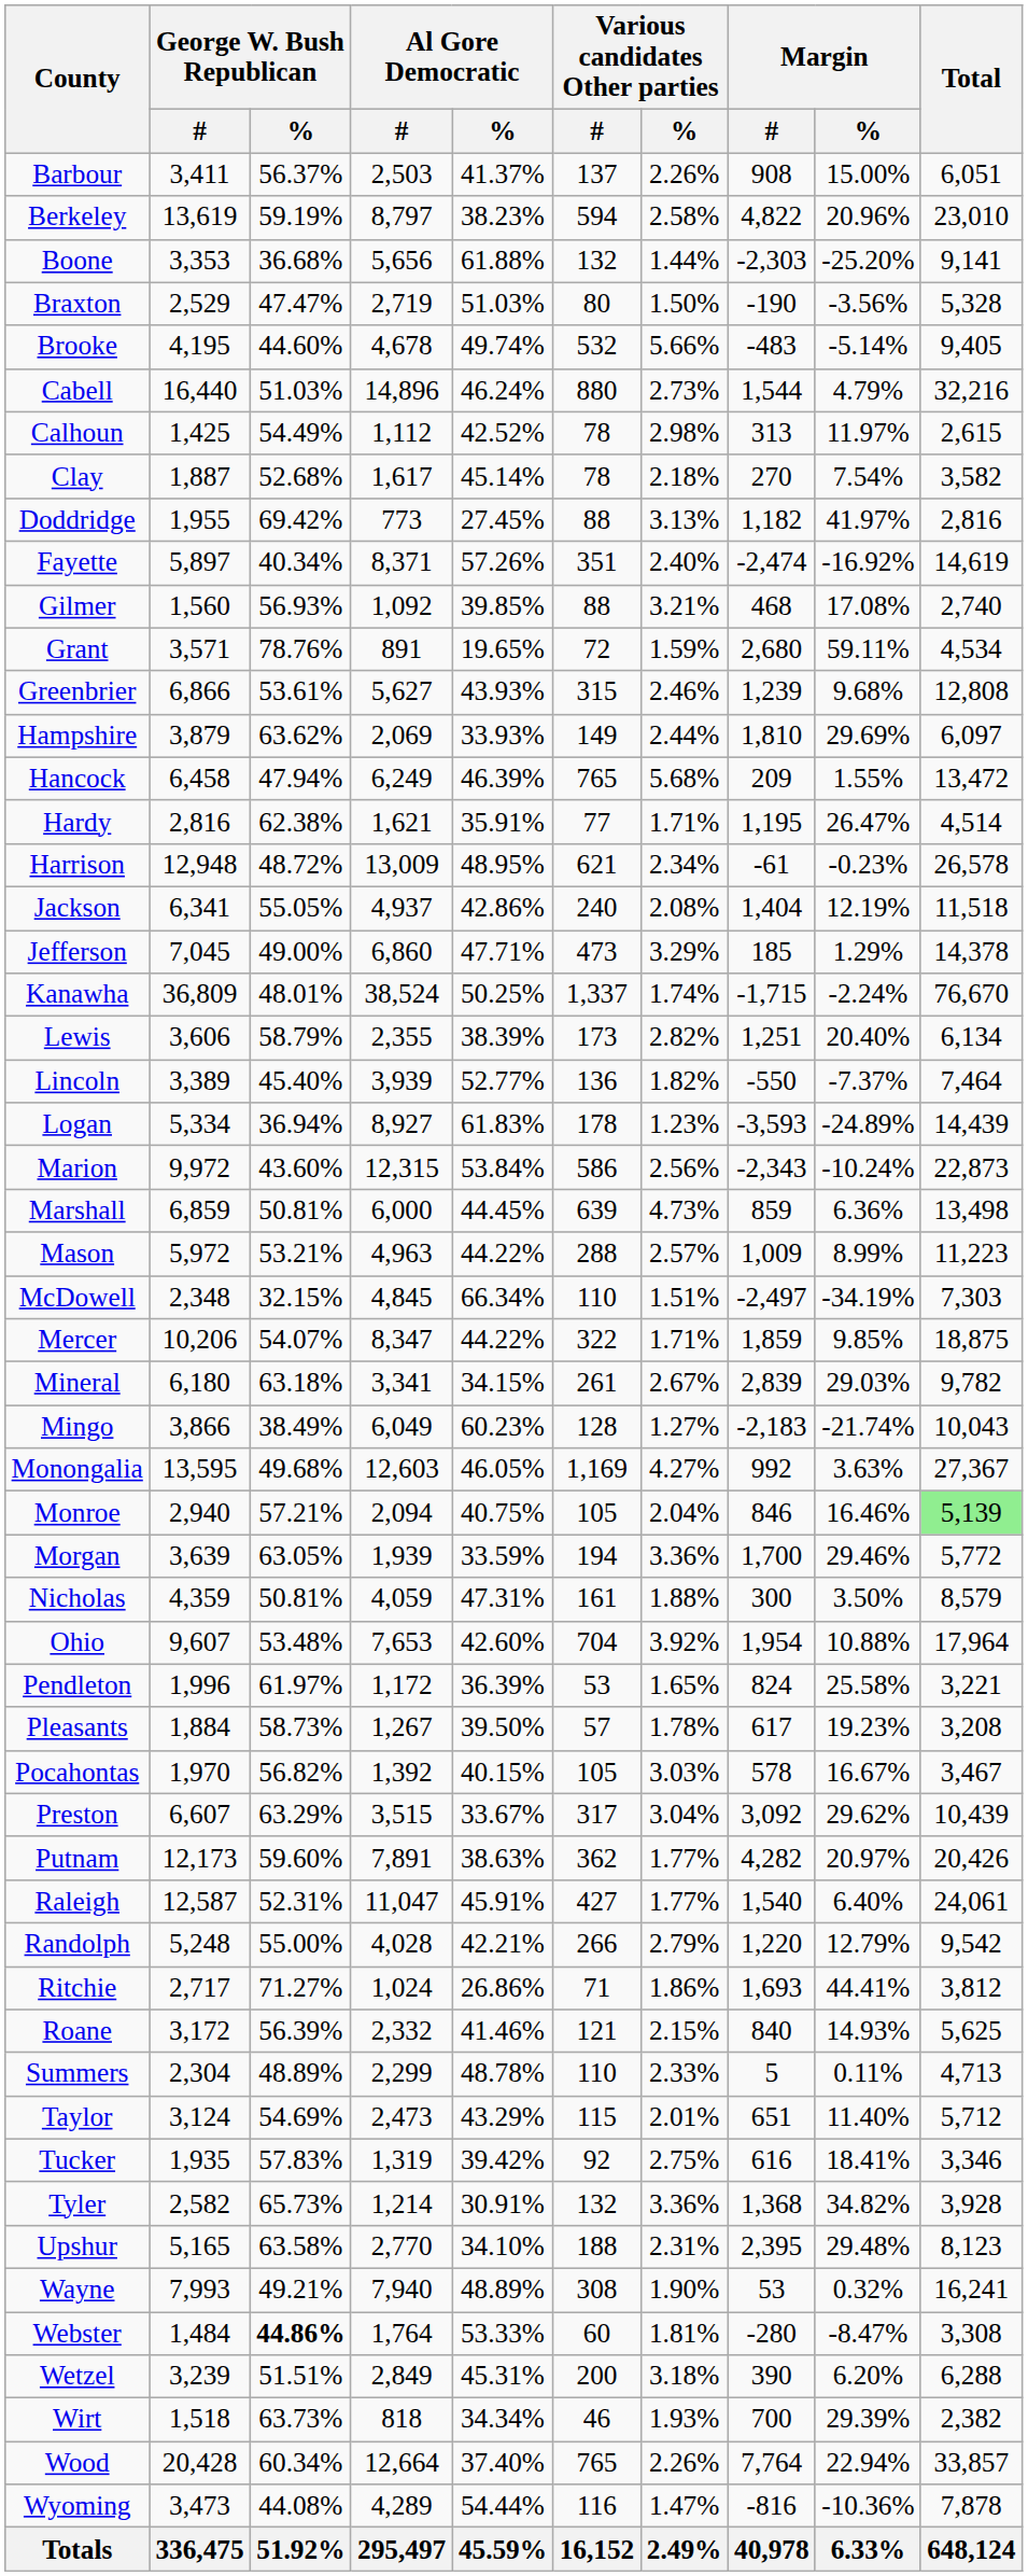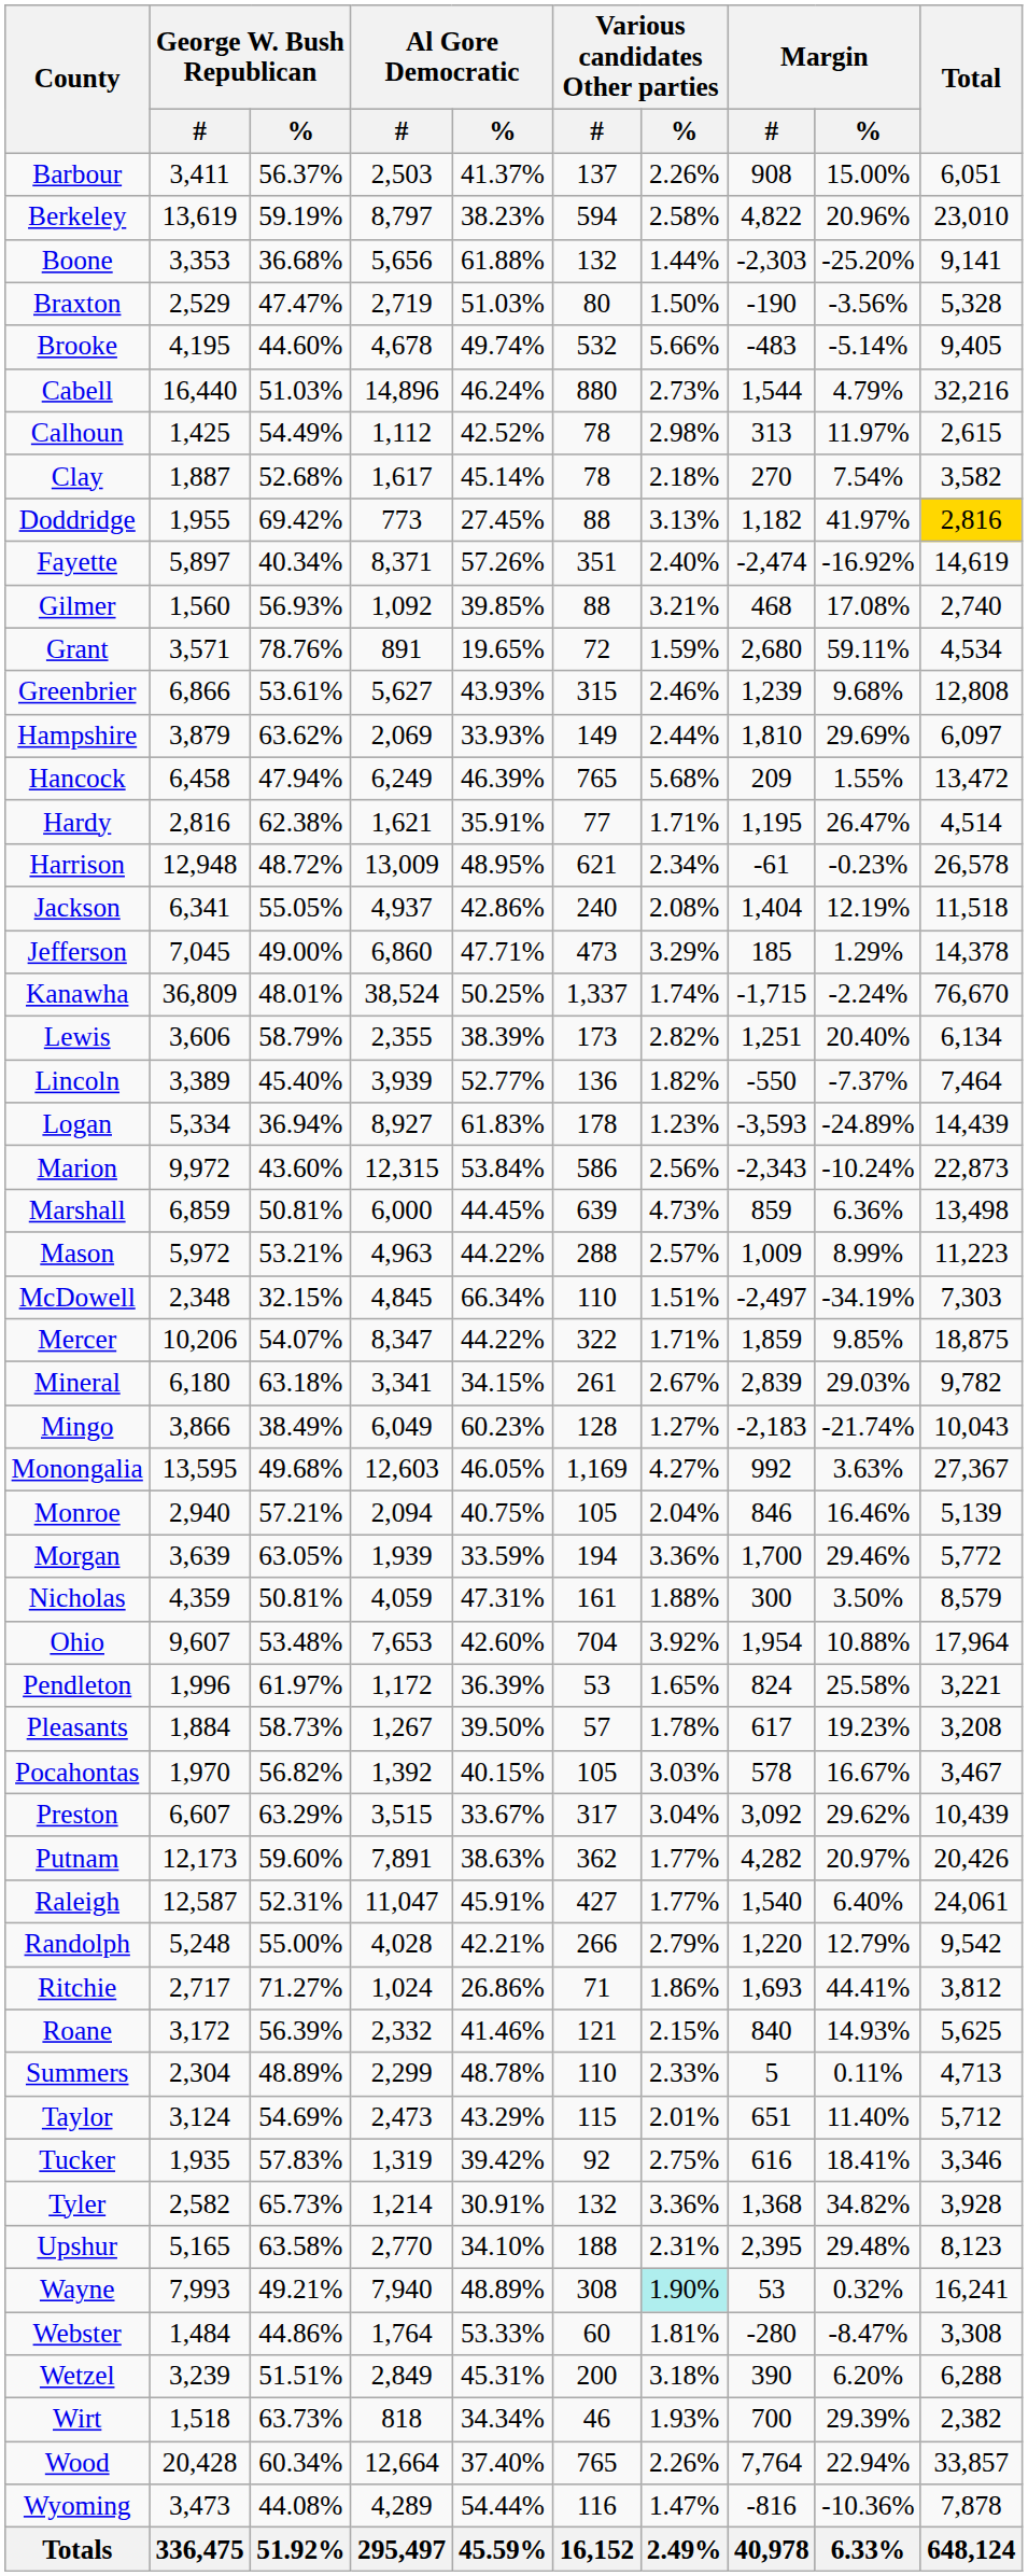 <table width="60%" class="wikitable sortable">
 <tr>
 <th rowspan="2">County</th>
 <th colspan="2">George W. Bush<br>Republican</th>
 <th colspan="2">Al Gore<br>Democratic</th>
 <th colspan="2">Various candidates<br>Other parties</th>
 <th colspan="2">Margin</th>
 <th rowspan="2">Total</th>
 </tr>
 <tr>
 <th style="text-align:center;" data-sort-type="number">#</th>
 <th style="text-align:center;" data-sort-type="number">%</th>
 <th style="text-align:center;" data-sort-type="number">#</th>
 <th style="text-align:center;" data-sort-type="number">%</th>
 <th style="text-align:center;" data-sort-type="number">#</th>
 <th style="text-align:center;" data-sort-type="number">%</th>
 <th style="text-align:center;" data-sort-type="number">#</th>
 <th style="text-align:center;" data-sort-type="number">%</th>
 </tr>
 <tr style="text-align:center;">
 <td><a href='#'>Barbour</a></td>
 <td>3,411</td>
 <td>56.37%</td>
 <td>2,503</td>
 <td>41.37%</td>
 <td>137</td>
 <td>2.26%</td>
 <td>908</td>
 <td>15.00%</td>
 <td>6,051</td>
 </tr>
 <tr style="text-align:center;">
 <td><a href='#'>Berkeley</a></td>
 <td>13,619</td>
 <td>59.19%</td>
 <td>8,797</td>
 <td>38.23%</td>
 <td>594</td>
 <td>2.58%</td>
 <td>4,822</td>
 <td>20.96%</td>
 <td>23,010</td>
 </tr>
 <tr style="text-align:center;">
 <td><a href='#'>Boone</a></td>
 <td>3,353</td>
 <td>36.68%</td>
 <td>5,656</td>
 <td>61.88%</td>
 <td>132</td>
 <td>1.44%</td>
 <td>-2,303</td>
 <td>-25.20%</td>
 <td>9,141</td>
 </tr>
 <tr style="text-align:center;">
 <td><a href='#'>Braxton</a></td>
 <td>2,529</td>
 <td>47.47%</td>
 <td>2,719</td>
 <td>51.03%</td>
 <td>80</td>
 <td>1.50%</td>
 <td>-190</td>
 <td>-3.56%</td>
 <td>5,328</td>
 </tr>
 <tr style="text-align:center;">
 <td><a href='#'>Brooke</a></td>
 <td>4,195</td>
 <td>44.60%</td>
 <td>4,678</td>
 <td>49.74%</td>
 <td>532</td>
 <td>5.66%</td>
 <td>-483</td>
 <td>-5.14%</td>
 <td>9,405</td>
 </tr>
 <tr style="text-align:center;">
 <td><a href='#'>Cabell</a></td>
 <td>16,440</td>
 <td>51.03%</td>
 <td>14,896</td>
 <td>46.24%</td>
 <td>880</td>
 <td>2.73%</td>
 <td>1,544</td>
 <td>4.79%</td>
 <td>32,216</td>
 </tr>
 <tr style="text-align:center;">
 <td><a href='#'>Calhoun</a></td>
 <td>1,425</td>
 <td>54.49%</td>
 <td>1,112</td>
 <td>42.52%</td>
 <td>78</td>
 <td>2.98%</td>
 <td>313</td>
 <td>11.97%</td>
 <td>2,615</td>
 </tr>
 <tr style="text-align:center;">
 <td><a href='#'>Clay</a></td>
 <td>1,887</td>
 <td>52.68%</td>
 <td>1,617</td>
 <td>45.14%</td>
 <td>78</td>
 <td>2.18%</td>
 <td>270</td>
 <td>7.54%</td>
 <td>3,582</td>
 </tr>
 <tr style="text-align:center;">
 <td><a href='#'>Doddridge</a></td>
 <td>1,955</td>
 <td>69.42%</td>
 <td>773</td>
 <td>27.45%</td>
 <td>88</td>
 <td>3.13%</td>
 <td>1,182</td>
 <td>41.97%</td>
-<td>2,816</td>
+<td style="background: gold;">2,816</td>
 </tr>
 <tr style="text-align:center;">
 <td><a href='#'>Fayette</a></td>
 <td>5,897</td>
 <td>40.34%</td>
 <td>8,371</td>
 <td>57.26%</td>
 <td>351</td>
 <td>2.40%</td>
 <td>-2,474</td>
 <td>-16.92%</td>
 <td>14,619</td>
 </tr>
 <tr style="text-align:center;">
 <td><a href='#'>Gilmer</a></td>
 <td>1,560</td>
 <td>56.93%</td>
 <td>1,092</td>
 <td>39.85%</td>
 <td>88</td>
 <td>3.21%</td>
 <td>468</td>
 <td>17.08%</td>
 <td>2,740</td>
 </tr>
 <tr style="text-align:center;">
 <td><a href='#'>Grant</a></td>
 <td>3,571</td>
 <td>78.76%</td>
 <td>891</td>
 <td>19.65%</td>
 <td>72</td>
 <td>1.59%</td>
 <td>2,680</td>
 <td>59.11%</td>
 <td>4,534</td>
 </tr>
 <tr style="text-align:center;">
 <td><a href='#'>Greenbrier</a></td>
 <td>6,866</td>
 <td>53.61%</td>
 <td>5,627</td>
 <td>43.93%</td>
 <td>315</td>
 <td>2.46%</td>
 <td>1,239</td>
 <td>9.68%</td>
 <td>12,808</td>
 </tr>
 <tr style="text-align:center;">
 <td><a href='#'>Hampshire</a></td>
 <td>3,879</td>
 <td>63.62%</td>
 <td>2,069</td>
 <td>33.93%</td>
 <td>149</td>
 <td>2.44%</td>
 <td>1,810</td>
 <td>29.69%</td>
 <td>6,097</td>
 </tr>
 <tr style="text-align:center;">
 <td><a href='#'>Hancock</a></td>
 <td>6,458</td>
 <td>47.94%</td>
 <td>6,249</td>
 <td>46.39%</td>
 <td>765</td>
 <td>5.68%</td>
 <td>209</td>
 <td>1.55%</td>
 <td>13,472</td>
 </tr>
 <tr style="text-align:center;">
 <td><a href='#'>Hardy</a></td>
 <td>2,816</td>
 <td>62.38%</td>
 <td>1,621</td>
 <td>35.91%</td>
 <td>77</td>
 <td>1.71%</td>
 <td>1,195</td>
 <td>26.47%</td>
 <td>4,514</td>
 </tr>
 <tr style="text-align:center;">
 <td><a href='#'>Harrison</a></td>
 <td>12,948</td>
 <td>48.72%</td>
 <td>13,009</td>
 <td>48.95%</td>
 <td>621</td>
 <td>2.34%</td>
 <td>-61</td>
 <td>-0.23%</td>
 <td>26,578</td>
 </tr>
 <tr style="text-align:center;">
 <td><a href='#'>Jackson</a></td>
 <td>6,341</td>
 <td>55.05%</td>
 <td>4,937</td>
 <td>42.86%</td>
 <td>240</td>
 <td>2.08%</td>
 <td>1,404</td>
 <td>12.19%</td>
 <td>11,518</td>
 </tr>
 <tr style="text-align:center;">
 <td><a href='#'>Jefferson</a></td>
 <td>7,045</td>
 <td>49.00%</td>
 <td>6,860</td>
 <td>47.71%</td>
 <td>473</td>
 <td>3.29%</td>
 <td>185</td>
 <td>1.29%</td>
 <td>14,378</td>
 </tr>
 <tr style="text-align:center;">
 <td><a href='#'>Kanawha</a></td>
 <td>36,809</td>
 <td>48.01%</td>
 <td>38,524</td>
 <td>50.25%</td>
 <td>1,337</td>
 <td>1.74%</td>
 <td>-1,715</td>
 <td>-2.24%</td>
 <td>76,670</td>
 </tr>
 <tr style="text-align:center;">
 <td><a href='#'>Lewis</a></td>
 <td>3,606</td>
 <td>58.79%</td>
 <td>2,355</td>
 <td>38.39%</td>
 <td>173</td>
 <td>2.82%</td>
 <td>1,251</td>
 <td>20.40%</td>
 <td>6,134</td>
 </tr>
 <tr style="text-align:center;">
 <td><a href='#'>Lincoln</a></td>
 <td>3,389</td>
 <td>45.40%</td>
 <td>3,939</td>
 <td>52.77%</td>
 <td>136</td>
 <td>1.82%</td>
 <td>-550</td>
 <td>-7.37%</td>
 <td>7,464</td>
 </tr>
 <tr style="text-align:center;">
 <td><a href='#'>Logan</a></td>
 <td>5,334</td>
 <td>36.94%</td>
 <td>8,927</td>
 <td>61.83%</td>
 <td>178</td>
 <td>1.23%</td>
 <td>-3,593</td>
 <td>-24.89%</td>
 <td>14,439</td>
 </tr>
 <tr style="text-align:center;">
 <td><a href='#'>Marion</a></td>
 <td>9,972</td>
 <td>43.60%</td>
 <td>12,315</td>
 <td>53.84%</td>
 <td>586</td>
 <td>2.56%</td>
 <td>-2,343</td>
 <td>-10.24%</td>
 <td>22,873</td>
 </tr>
 <tr style="text-align:center;">
 <td><a href='#'>Marshall</a></td>
 <td>6,859</td>
 <td>50.81%</td>
 <td>6,000</td>
 <td>44.45%</td>
 <td>639</td>
 <td>4.73%</td>
 <td>859</td>
 <td>6.36%</td>
 <td>13,498</td>
 </tr>
 <tr style="text-align:center;">
 <td><a href='#'>Mason</a></td>
 <td>5,972</td>
 <td>53.21%</td>
 <td>4,963</td>
 <td>44.22%</td>
 <td>288</td>
 <td>2.57%</td>
 <td>1,009</td>
 <td>8.99%</td>
 <td>11,223</td>
 </tr>
 <tr style="text-align:center;">
 <td><a href='#'>McDowell</a></td>
 <td>2,348</td>
 <td>32.15%</td>
 <td>4,845</td>
 <td>66.34%</td>
 <td>110</td>
 <td>1.51%</td>
 <td>-2,497</td>
 <td>-34.19%</td>
 <td>7,303</td>
 </tr>
 <tr style="text-align:center;">
 <td><a href='#'>Mercer</a></td>
 <td>10,206</td>
 <td>54.07%</td>
 <td>8,347</td>
 <td>44.22%</td>
 <td>322</td>
 <td>1.71%</td>
 <td>1,859</td>
 <td>9.85%</td>
 <td>18,875</td>
 </tr>
 <tr style="text-align:center;">
 <td><a href='#'>Mineral</a></td>
 <td>6,180</td>
 <td>63.18%</td>
 <td>3,341</td>
 <td>34.15%</td>
 <td>261</td>
 <td>2.67%</td>
 <td>2,839</td>
 <td>29.03%</td>
 <td>9,782</td>
 </tr>
 <tr style="text-align:center;">
 <td><a href='#'>Mingo</a></td>
 <td>3,866</td>
 <td>38.49%</td>
 <td>6,049</td>
 <td>60.23%</td>
 <td>128</td>
 <td>1.27%</td>
 <td>-2,183</td>
 <td>-21.74%</td>
 <td>10,043</td>
 </tr>
 <tr style="text-align:center;">
 <td><a href='#'>Monongalia</a></td>
 <td>13,595</td>
 <td>49.68%</td>
 <td>12,603</td>
 <td>46.05%</td>
 <td>1,169</td>
 <td>4.27%</td>
 <td>992</td>
 <td>3.63%</td>
 <td>27,367</td>
 </tr>
 <tr style="text-align:center;">
 <td><a href='#'>Monroe</a></td>
 <td>2,940</td>
 <td>57.21%</td>
 <td>2,094</td>
 <td>40.75%</td>
 <td>105</td>
 <td>2.04%</td>
 <td>846</td>
 <td>16.46%</td>
-<td style="background: lightgreen;">5,139</td>
+<td>5,139</td>
 </tr>
 <tr style="text-align:center;">
 <td><a href='#'>Morgan</a></td>
 <td>3,639</td>
 <td>63.05%</td>
 <td>1,939</td>
 <td>33.59%</td>
 <td>194</td>
 <td>3.36%</td>
 <td>1,700</td>
 <td>29.46%</td>
 <td>5,772</td>
 </tr>
 <tr style="text-align:center;">
 <td><a href='#'>Nicholas</a></td>
 <td>4,359</td>
 <td>50.81%</td>
 <td>4,059</td>
 <td>47.31%</td>
 <td>161</td>
 <td>1.88%</td>
 <td>300</td>
 <td>3.50%</td>
 <td>8,579</td>
 </tr>
 <tr style="text-align:center;">
 <td><a href='#'>Ohio</a></td>
 <td>9,607</td>
 <td>53.48%</td>
 <td>7,653</td>
 <td>42.60%</td>
 <td>704</td>
 <td>3.92%</td>
 <td>1,954</td>
 <td>10.88%</td>
 <td>17,964</td>
 </tr>
 <tr style="text-align:center;">
 <td><a href='#'>Pendleton</a></td>
 <td>1,996</td>
 <td>61.97%</td>
 <td>1,172</td>
 <td>36.39%</td>
 <td>53</td>
 <td>1.65%</td>
 <td>824</td>
 <td>25.58%</td>
 <td>3,221</td>
 </tr>
 <tr style="text-align:center;">
 <td><a href='#'>Pleasants</a></td>
 <td>1,884</td>
 <td>58.73%</td>
 <td>1,267</td>
 <td>39.50%</td>
 <td>57</td>
 <td>1.78%</td>
 <td>617</td>
 <td>19.23%</td>
 <td>3,208</td>
 </tr>
 <tr style="text-align:center;">
 <td><a href='#'>Pocahontas</a></td>
 <td>1,970</td>
 <td>56.82%</td>
 <td>1,392</td>
 <td>40.15%</td>
 <td>105</td>
 <td>3.03%</td>
 <td>578</td>
 <td>16.67%</td>
 <td>3,467</td>
 </tr>
 <tr style="text-align:center;">
 <td><a href='#'>Preston</a></td>
 <td>6,607</td>
 <td>63.29%</td>
 <td>3,515</td>
 <td>33.67%</td>
 <td>317</td>
 <td>3.04%</td>
 <td>3,092</td>
 <td>29.62%</td>
 <td>10,439</td>
 </tr>
 <tr style="text-align:center;">
 <td><a href='#'>Putnam</a></td>
 <td>12,173</td>
 <td>59.60%</td>
 <td>7,891</td>
 <td>38.63%</td>
 <td>362</td>
 <td>1.77%</td>
 <td>4,282</td>
 <td>20.97%</td>
 <td>20,426</td>
 </tr>
 <tr style="text-align:center;">
 <td><a href='#'>Raleigh</a></td>
 <td>12,587</td>
 <td>52.31%</td>
 <td>11,047</td>
 <td>45.91%</td>
 <td>427</td>
 <td>1.77%</td>
 <td>1,540</td>
 <td>6.40%</td>
 <td>24,061</td>
 </tr>
 <tr style="text-align:center;">
 <td><a href='#'>Randolph</a></td>
 <td>5,248</td>
 <td>55.00%</td>
 <td>4,028</td>
 <td>42.21%</td>
 <td>266</td>
 <td>2.79%</td>
 <td>1,220</td>
 <td>12.79%</td>
 <td>9,542</td>
 </tr>
 <tr style="text-align:center;">
 <td><a href='#'>Ritchie</a></td>
 <td>2,717</td>
 <td>71.27%</td>
 <td>1,024</td>
 <td>26.86%</td>
 <td>71</td>
 <td>1.86%</td>
 <td>1,693</td>
 <td>44.41%</td>
 <td>3,812</td>
 </tr>
 <tr style="text-align:center;">
 <td><a href='#'>Roane</a></td>
 <td>3,172</td>
 <td>56.39%</td>
 <td>2,332</td>
 <td>41.46%</td>
 <td>121</td>
 <td>2.15%</td>
 <td>840</td>
 <td>14.93%</td>
 <td>5,625</td>
 </tr>
 <tr style="text-align:center;">
 <td><a href='#'>Summers</a></td>
 <td>2,304</td>
 <td>48.89%</td>
 <td>2,299</td>
 <td>48.78%</td>
 <td>110</td>
 <td>2.33%</td>
 <td>5</td>
 <td>0.11%</td>
 <td>4,713</td>
 </tr>
 <tr style="text-align:center;">
 <td><a href='#'>Taylor</a></td>
 <td>3,124</td>
 <td>54.69%</td>
 <td>2,473</td>
 <td>43.29%</td>
 <td>115</td>
 <td>2.01%</td>
 <td>651</td>
 <td>11.40%</td>
 <td>5,712</td>
 </tr>
 <tr style="text-align:center;">
 <td><a href='#'>Tucker</a></td>
 <td>1,935</td>
 <td>57.83%</td>
 <td>1,319</td>
 <td>39.42%</td>
 <td>92</td>
 <td>2.75%</td>
 <td>616</td>
 <td>18.41%</td>
 <td>3,346</td>
 </tr>
 <tr style="text-align:center;">
 <td><a href='#'>Tyler</a></td>
 <td>2,582</td>
 <td>65.73%</td>
 <td>1,214</td>
 <td>30.91%</td>
 <td>132</td>
 <td>3.36%</td>
 <td>1,368</td>
 <td>34.82%</td>
 <td>3,928</td>
 </tr>
 <tr style="text-align:center;">
 <td><a href='#'>Upshur</a></td>
 <td>5,165</td>
 <td>63.58%</td>
 <td>2,770</td>
 <td>34.10%</td>
 <td>188</td>
 <td>2.31%</td>
 <td>2,395</td>
 <td>29.48%</td>
 <td>8,123</td>
 </tr>
 <tr style="text-align:center;">
 <td><a href='#'>Wayne</a></td>
 <td>7,993</td>
 <td>49.21%</td>
 <td>7,940</td>
 <td>48.89%</td>
 <td>308</td>
-<td>1.90%</td>
+<td style="background: paleturquoise;">1.90%</td>
 <td>53</td>
 <td>0.32%</td>
 <td>16,241</td>
 </tr>
 <tr style="text-align:center;">
 <td><a href='#'>Webster</a></td>
 <td>1,484</td>
-<td><strong>44.86%</strong></td>
+<td>44.86%</td>
 <td>1,764</td>
 <td>53.33%</td>
 <td>60</td>
 <td>1.81%</td>
 <td>-280</td>
 <td>-8.47%</td>
 <td>3,308</td>
 </tr>
 <tr style="text-align:center;">
 <td><a href='#'>Wetzel</a></td>
 <td>3,239</td>
 <td>51.51%</td>
 <td>2,849</td>
 <td>45.31%</td>
 <td>200</td>
 <td>3.18%</td>
 <td>390</td>
 <td>6.20%</td>
 <td>6,288</td>
 </tr>
 <tr style="text-align:center;">
 <td><a href='#'>Wirt</a></td>
 <td>1,518</td>
 <td>63.73%</td>
 <td>818</td>
 <td>34.34%</td>
 <td>46</td>
 <td>1.93%</td>
 <td>700</td>
 <td>29.39%</td>
 <td>2,382</td>
 </tr>
 <tr style="text-align:center;">
 <td><a href='#'>Wood</a></td>
 <td>20,428</td>
 <td>60.34%</td>
 <td>12,664</td>
 <td>37.40%</td>
 <td>765</td>
 <td>2.26%</td>
 <td>7,764</td>
 <td>22.94%</td>
 <td>33,857</td>
 </tr>
 <tr style="text-align:center;">
 <td><a href='#'>Wyoming</a></td>
 <td>3,473</td>
 <td>44.08%</td>
 <td>4,289</td>
 <td>54.44%</td>
 <td>116</td>
 <td>1.47%</td>
 <td>-816</td>
 <td>-10.36%</td>
 <td>7,878</td>
 </tr>
 <tr>
 <th>Totals</th>
 <th>336,475</th>
 <th>51.92%</th>
 <th>295,497</th>
 <th>45.59%</th>
 <th>16,152</th>
 <th>2.49%</th>
 <th>40,978</th>
 <th>6.33%</th>
 <th>648,124</th>
 </tr>
 </table>
